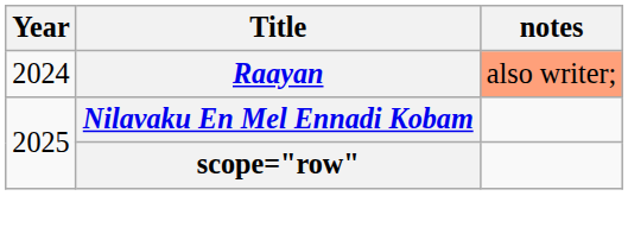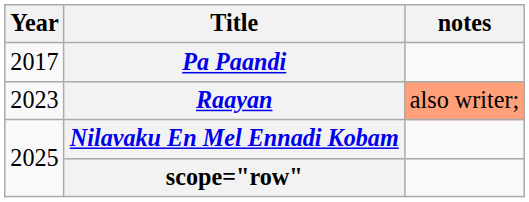 <table class="wikitable plainrowheaders sortable">
 <tr>
 <th scope="col">Year</th>
 <th scope="col">Title</th>
 <th scope="col" class="unsortable">notes</th>
 </tr>
 <tr>
-<td>2024</td>
+<td>2017</td>
+<th scope="row"><em><a href='#'>Pa Paandi</a></em></th>
+<td style="text-align: center;"></td>
+</tr>
+<tr>
+<td>2023</td>
 <th scope="row"><em><a href='#'>Raayan</a></em></th>
 <td style="background: lightsalmon; text-align: center;">also writer; </td>
 </tr>
 <tr>
 <td rowspan=2>2025</td>
 <th scope="row"><em><a href='#'>Nilavaku En Mel Ennadi Kobam</a></em></th>
 <td style="text-align: center;"></td>
 </tr>
 <tr>
 <th>scope="row" </th>
 <td></td>
 </tr>
 </table>
